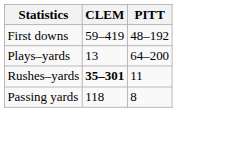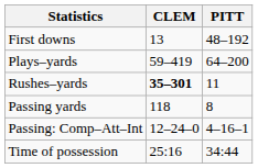 <table class="wikitable">
 <tr>
 <th>Statistics</th>
 <th>CLEM</th>
 <th>PITT</th>
 </tr>
 <tr>
 <td>First downs</td>
-<td>59–419</td>
+<td>13</td>
 <td>48–192</td>
 </tr>
 <tr>
 <td>Plays–yards</td>
-<td>13</td>
+<td>59–419</td>
 <td>64–200</td>
 </tr>
 <tr>
 <td>Rushes–yards</td>
 <td><strong>35–301</strong></td>
 <td>11</td>
 </tr>
 <tr>
 <td>Passing yards</td>
 <td>118</td>
 <td>8</td>
 </tr>
+<tr>
+<td>Passing: Comp–Att–Int</td>
+<td>12–24–0</td>
+<td>4–16–1</td>
+</tr>
+<tr>
+<td>Time of possession</td>
+<td>25:16</td>
+<td>34:44</td>
+</tr>
 </table>
